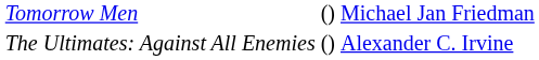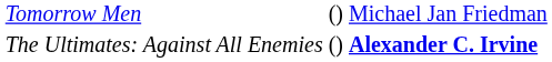 <table>
 <tr>
 <td><em><a href='#'>Tomorrow Men</a></em></td>
 <td>()</td>
 <td><a href='#'>Michael Jan Friedman</a></td>
 </tr>
 <tr>
 <td><em>The Ultimates: Against All Enemies</em></td>
 <td>()</td>
-<td><a href='#'>Alexander C. Irvine</a></td>
+<td><strong><a href='#'>Alexander C. Irvine</a></strong></td>
 </tr>
 </table>
